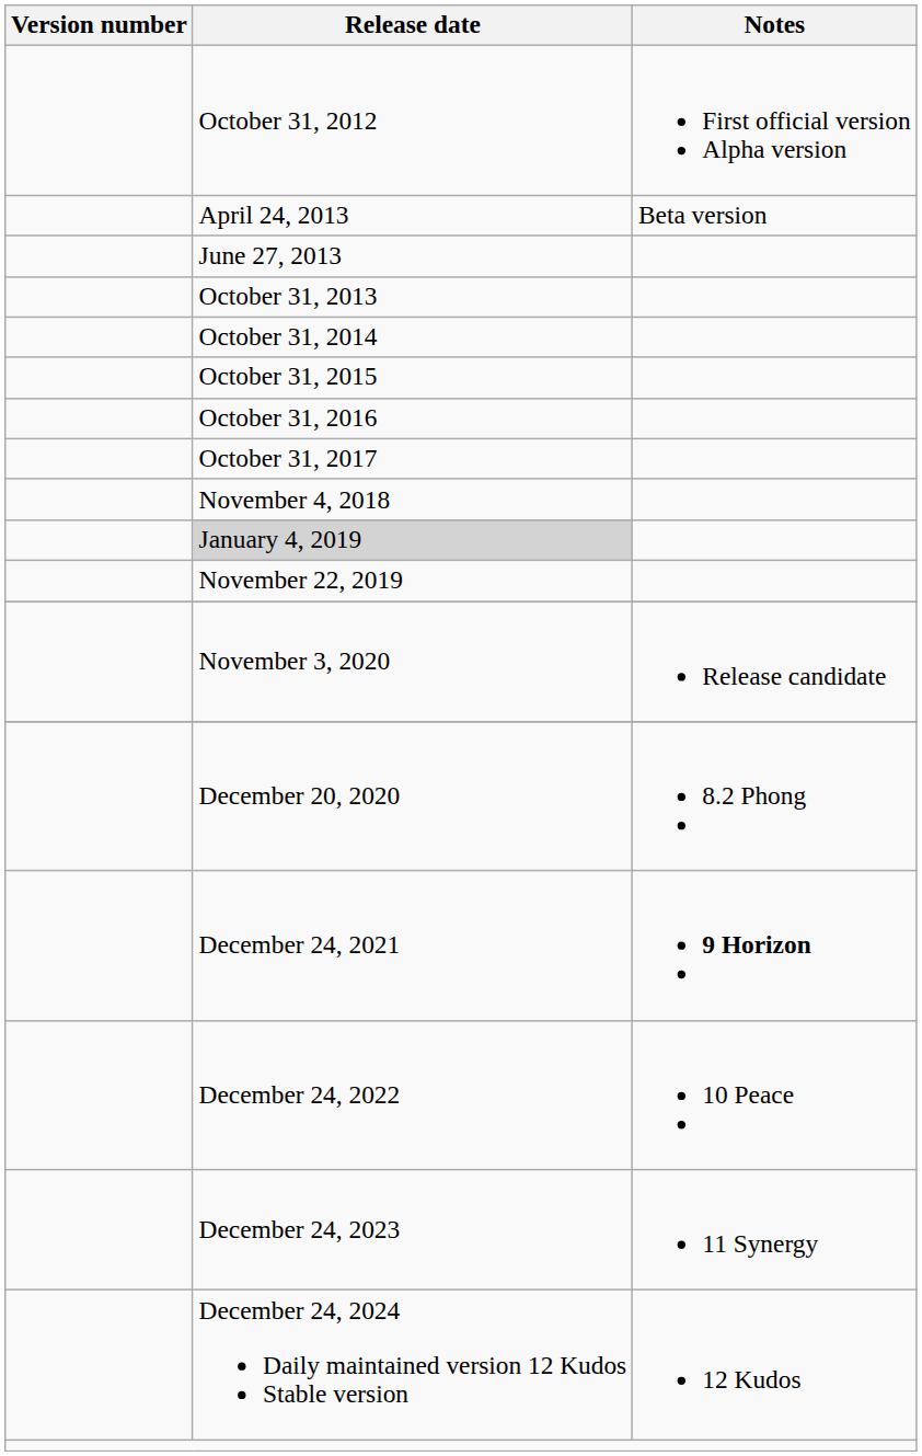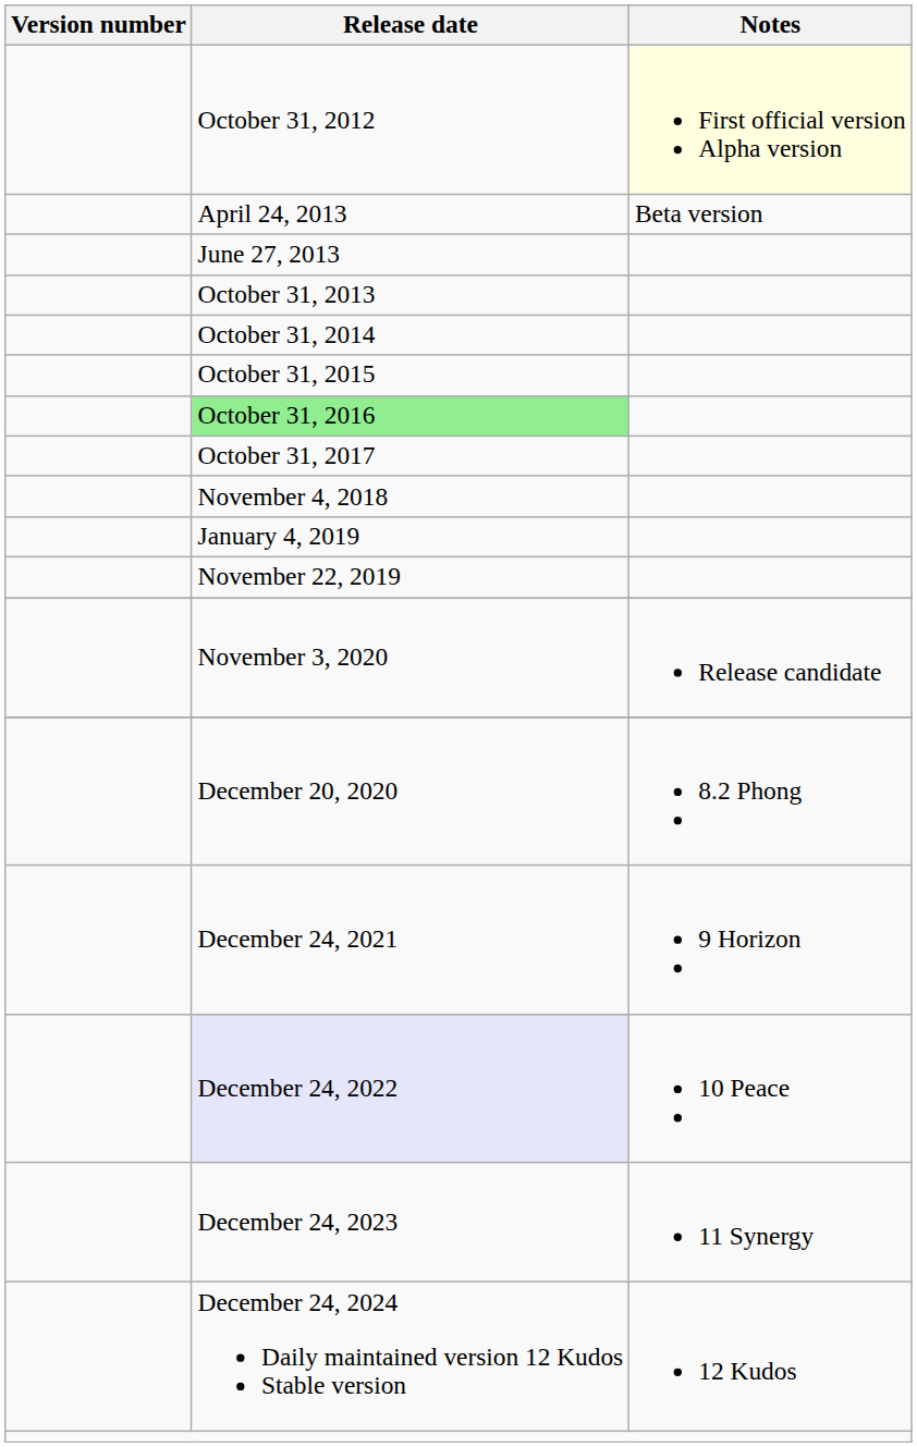 <table class="wikitable floatright">
 <tr>
 <th>Version number</th>
 <th>Release date</th>
 <th>Notes</th>
 </tr>
 <tr>
 <td></td>
 <td>October 31, 2012</td>
-<td><br><ul><li>First official version</li><li>Alpha version</li></ul></td>
+<td style="background: lightyellow;"><br><ul><li>First official version</li><li>Alpha version</li></ul></td>
 </tr>
 <tr>
 <td></td>
 <td>April 24, 2013</td>
 <td>Beta version</td>
 </tr>
 <tr>
 <td></td>
 <td>June 27, 2013</td>
 <td></td>
 </tr>
 <tr>
 <td></td>
 <td>October 31, 2013</td>
 <td></td>
 </tr>
 <tr>
 <td></td>
 <td>October 31, 2014</td>
 <td></td>
 </tr>
 <tr>
 <td></td>
 <td>October 31, 2015</td>
 <td></td>
 </tr>
 <tr>
 <td></td>
-<td>October 31, 2016</td>
+<td style="background: lightgreen;">October 31, 2016</td>
 <td></td>
 </tr>
 <tr>
 <td></td>
 <td>October 31, 2017</td>
 <td></td>
 </tr>
 <tr>
 <td></td>
 <td>November 4, 2018</td>
 <td></td>
 </tr>
 <tr>
 <td></td>
-<td style="background: lightgrey;">January 4, 2019</td>
+<td>January 4, 2019</td>
 <td></td>
 </tr>
 <tr>
 <td></td>
 <td>November 22, 2019</td>
 <td></td>
 </tr>
 <tr>
 </tr>
 <tr>
 <td></td>
 <td>November 3, 2020</td>
 <td><br><ul><li>Release candidate</li></ul></td>
 </tr>
 <tr>
 </tr>
 <tr>
 <td></td>
 <td>December 20, 2020</td>
 <td><br><ul><li>8.2 Phong</li><li></li></ul></td>
 </tr>
 <tr>
 <td></td>
 <td>December 24, 2021</td>
-<td><strong><br><ul><li>9 Horizon</li><li></li></ul></strong></td>
+<td><br><ul><li>9 Horizon</li><li></li></ul></td>
 </tr>
 <tr>
 <td></td>
-<td>December 24, 2022</td>
+<td style="background: lavender;">December 24, 2022</td>
 <td><br><ul><li>10 Peace</li><li></li></ul></td>
 </tr>
 <tr>
 <td></td>
 <td>December 24, 2023</td>
 <td><br><ul><li>11 Synergy</li></ul></td>
 </tr>
 <tr>
 <td></td>
 <td>December 24, 2024<br><ul><li>Daily maintained version 12 Kudos</li><li>Stable version</li></ul></td>
 <td><br><ul><li>12 Kudos</li></ul></td>
 </tr>
 <tr>
 <td colspan="99"><small></small></td>
 </tr>
 </table>
